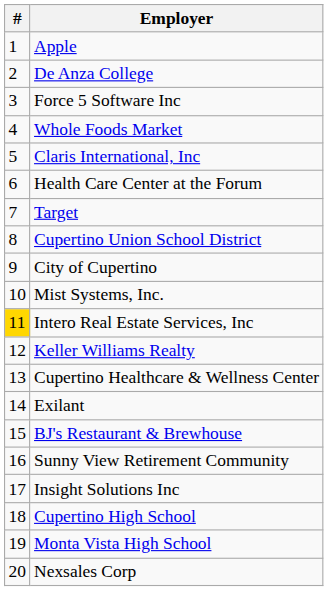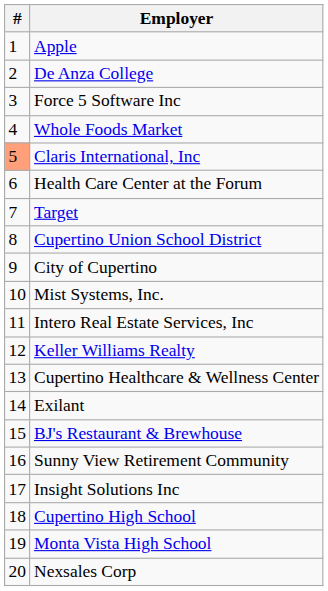 <table class="wikitable sortable">
 <tr>
 <th>#</th>
 <th>Employer</th>
 </tr>
 <tr>
 <td>1</td>
 <td><a href='#'>Apple</a></td>
 </tr>
 <tr>
 <td>2</td>
 <td><a href='#'>De Anza College</a></td>
 </tr>
 <tr>
 <td>3</td>
 <td>Force 5 Software Inc</td>
 </tr>
 <tr>
 <td>4</td>
 <td><a href='#'>Whole Foods Market</a></td>
 </tr>
 <tr>
-<td>5</td>
+<td style="background: lightsalmon;">5</td>
 <td><a href='#'>Claris International, Inc</a></td>
 </tr>
 <tr>
 <td>6</td>
 <td>Health Care Center at the Forum</td>
 </tr>
 <tr>
 <td>7</td>
 <td><a href='#'>Target</a></td>
 </tr>
 <tr>
 <td>8</td>
 <td><a href='#'>Cupertino Union School District</a></td>
 </tr>
 <tr>
 <td>9</td>
 <td>City of Cupertino</td>
 </tr>
 <tr>
 <td>10</td>
 <td>Mist Systems, Inc.</td>
 </tr>
 <tr>
-<td style="background: gold;">11</td>
+<td>11</td>
 <td>Intero Real Estate Services, Inc</td>
 </tr>
 <tr>
 <td>12</td>
 <td><a href='#'>Keller Williams Realty</a></td>
 </tr>
 <tr>
 <td>13</td>
 <td>Cupertino Healthcare & Wellness Center</td>
 </tr>
 <tr>
 <td>14</td>
 <td>Exilant</td>
 </tr>
 <tr>
 <td>15</td>
 <td><a href='#'>BJ's Restaurant & Brewhouse</a></td>
 </tr>
 <tr>
 <td>16</td>
 <td>Sunny View Retirement Community</td>
 </tr>
 <tr>
 <td>17</td>
 <td>Insight Solutions Inc</td>
 </tr>
 <tr>
 <td>18</td>
 <td><a href='#'>Cupertino High School</a></td>
 </tr>
 <tr>
 <td>19</td>
 <td><a href='#'>Monta Vista High School</a></td>
 </tr>
 <tr>
 <td>20</td>
 <td>Nexsales Corp</td>
 </tr>
 </table>
